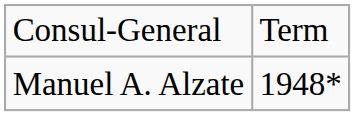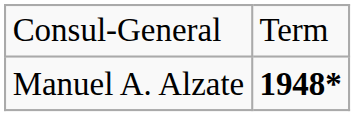 <table class="wikitable">
 <tr>
 <td>Consul-General</td>
 <td>Term</td>
 </tr>
 <tr>
 <td>Manuel A. Alzate</td>
-<td>1948*</td>
+<td><strong>1948*</strong></td>
 </tr>
 </table>
